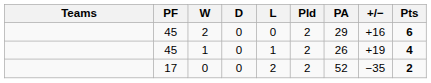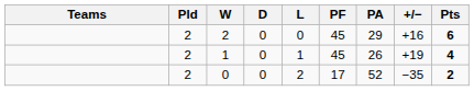 <table class="wikitable" style="text-align: center;">
 <tr>
 <th width="200">Teams</th>
-<th width="40">PF</th>
+<th width="40">Pld</th>
 <th width="40">W</th>
 <th width="40">D</th>
 <th width="40">L</th>
-<th width="40">Pld</th>
+<th width="40">PF</th>
 <th width="40">PA</th>
 <th width="40">+/−</th>
 <th width="40">Pts</th>
 </tr>
 <tr>
 <td align=left></td>
-<td>45</td>
+<td>2</td>
 <td>2</td>
 <td>0</td>
 <td>0</td>
-<td>2</td>
+<td>45</td>
 <td>29</td>
 <td>+16</td>
 <td><strong>6</strong></td>
 </tr>
 <tr>
 <td align=left></td>
-<td>45</td>
+<td>2</td>
 <td>1</td>
 <td>0</td>
 <td>1</td>
-<td>2</td>
+<td>45</td>
 <td>26</td>
 <td>+19</td>
 <td><strong>4</strong></td>
 </tr>
 <tr>
 <td align=left></td>
-<td>17</td>
+<td>2</td>
 <td>0</td>
 <td>0</td>
 <td>2</td>
-<td>2</td>
+<td>17</td>
 <td>52</td>
 <td>−35</td>
 <td><strong>2</strong></td>
 </tr>
 </table>
